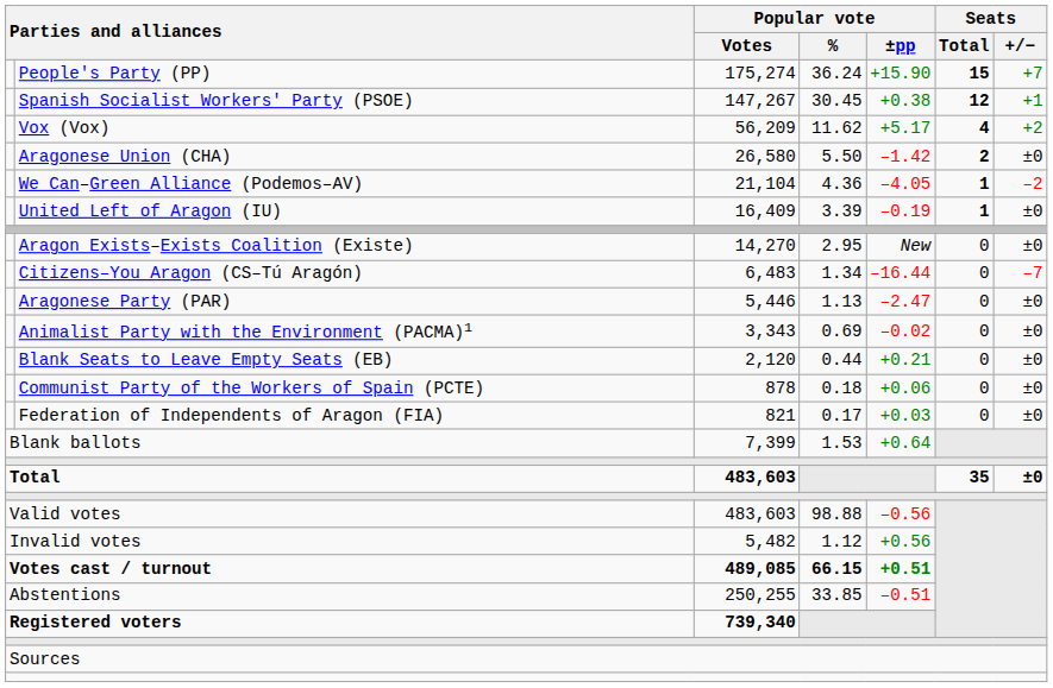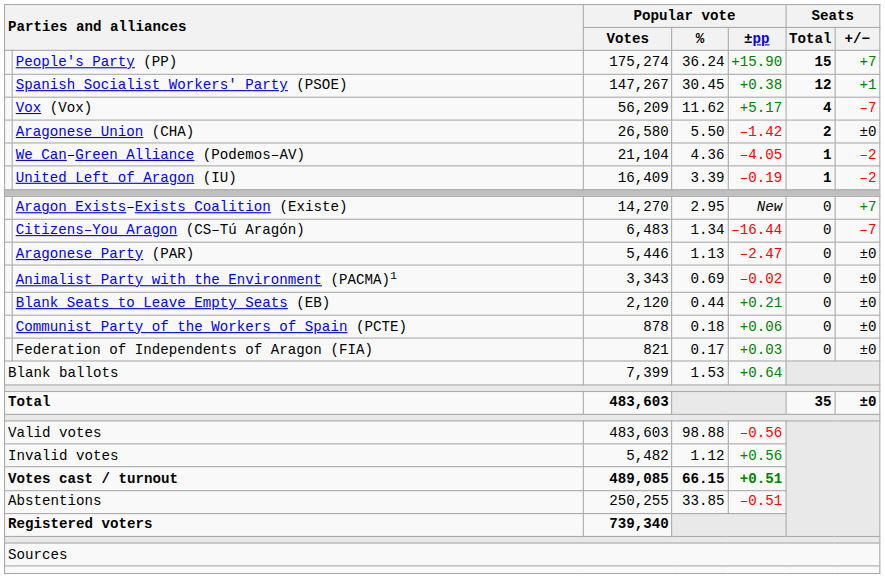 <table class="wikitable" style="text-align:right;">
 <tr>
 <th style="text-align:left;" rowspan="2" colspan="2" width="525">Parties and alliances</th>
 <th colspan="3">Popular vote</th>
 <th colspan="2">Seats</th>
 </tr>
 <tr>
 <th width="75">Votes</th>
 <th width="45">%</th>
 <th width="45">±<a href='#'>pp</a></th>
 <th width="35">Total</th>
 <th width="35">+/−</th>
 </tr>
 <tr>
 <td width="1" style="color:inherit;background:"></td>
 <td align="left"><a href='#'>People's Party</a> (PP)</td>
 <td>175,274</td>
 <td>36.24</td>
 <td style="color:green;">+15.90</td>
 <td><strong>15</strong></td>
 <td style="color:green;">+7</td>
 </tr>
 <tr>
 <td style="color:inherit;background:"></td>
 <td align="left"><a href='#'>Spanish Socialist Workers' Party</a> (PSOE)</td>
 <td>147,267</td>
 <td>30.45</td>
 <td style="color:green;">+0.38</td>
 <td><strong>12</strong></td>
 <td style="color:green;">+1</td>
 </tr>
 <tr>
 <td style="color:inherit;background:"></td>
 <td align="left"><a href='#'>Vox</a> (Vox)</td>
 <td>56,209</td>
 <td>11.62</td>
 <td style="color:green;">+5.17</td>
 <td><strong>4</strong></td>
-<td style="color:green;">+2</td>
+<td style="color:red;">–7</td>
 </tr>
 <tr>
 <td style="color:inherit;background:"></td>
 <td align="left"><a href='#'>Aragonese Union</a> (CHA)</td>
 <td>26,580</td>
 <td>5.50</td>
 <td style="color:red;">–1.42</td>
 <td><strong>2</strong></td>
 <td>±0</td>
 </tr>
 <tr>
 <td style="color:inherit;background:"></td>
 <td align="left"><a href='#'>We Can</a>–<a href='#'>Green Alliance</a> (Podemos–AV)</td>
 <td>21,104</td>
 <td>4.36</td>
 <td style="color:red;">–4.05</td>
 <td><strong>1</strong></td>
 <td style="color:red;">–2</td>
 </tr>
 <tr>
 <td style="color:inherit;background:"></td>
 <td align="left"><a href='#'>United Left of Aragon</a> (IU)</td>
 <td>16,409</td>
 <td>3.39</td>
 <td style="color:red;">–0.19</td>
 <td><strong>1</strong></td>
-<td>±0</td>
+<td style="color:red;">–2</td>
 </tr>
 <tr>
 <td colspan="7" bgcolor="#C0C0C0"></td>
 </tr>
 <tr>
 <td style="color:inherit;background:"></td>
 <td align="left"><a href='#'>Aragon Exists</a>–<a href='#'>Exists Coalition</a> (Existe)</td>
 <td>14,270</td>
 <td>2.95</td>
 <td><em>New</em></td>
 <td>0</td>
-<td>±0</td>
+<td style="color:green;">+7</td>
 </tr>
 <tr>
 <td style="color:inherit;background:"></td>
 <td align="left"><a href='#'>Citizens–You Aragon</a> (CS–Tú Aragón)</td>
 <td>6,483</td>
 <td>1.34</td>
 <td style="color:red;">–16.44</td>
 <td>0</td>
 <td style="color:red;">–7</td>
 </tr>
 <tr>
 <td style="color:inherit;background:"></td>
 <td align="left"><a href='#'>Aragonese Party</a> (PAR)</td>
 <td>5,446</td>
 <td>1.13</td>
 <td style="color:red;">–2.47</td>
 <td>0</td>
 <td>±0</td>
 </tr>
 <tr>
 <td style="color:inherit;background:"></td>
 <td align="left"><a href='#'>Animalist Party with the Environment</a> (PACMA)<sup>1</sup></td>
 <td>3,343</td>
 <td>0.69</td>
 <td style="color:red;">–0.02</td>
 <td>0</td>
 <td>±0</td>
 </tr>
 <tr>
 <td style="color:inherit;background:"></td>
 <td align="left"><a href='#'>Blank Seats to Leave Empty Seats</a> (EB)</td>
 <td>2,120</td>
 <td>0.44</td>
 <td style="color:green;">+0.21</td>
 <td>0</td>
 <td>±0</td>
 </tr>
 <tr>
 <td style="color:inherit;background:"></td>
 <td align="left"><a href='#'>Communist Party of the Workers of Spain</a> (PCTE)</td>
 <td>878</td>
 <td>0.18</td>
 <td style="color:green;">+0.06</td>
 <td>0</td>
 <td>±0</td>
 </tr>
 <tr>
 <td style="color:inherit;background:"></td>
 <td align="left">Federation of Independents of Aragon (FIA)</td>
 <td>821</td>
 <td>0.17</td>
 <td style="color:green;">+0.03</td>
 <td>0</td>
 <td>±0</td>
 </tr>
 <tr>
 <td align="left" colspan="2">Blank ballots</td>
 <td>7,399</td>
 <td>1.53</td>
 <td style="color:green;">+0.64</td>
 <td bgcolor="#E9E9E9" colspan="2"></td>
 </tr>
 <tr>
 <td colspan="7" bgcolor="#E9E9E9"></td>
 </tr>
 <tr style="font-weight:bold;">
 <td align="left" colspan="2">Total</td>
 <td>483,603</td>
 <td bgcolor="#E9E9E9" colspan="2"></td>
 <td>35</td>
 <td>±0</td>
 </tr>
 <tr>
 <td colspan="7" bgcolor="#E9E9E9"></td>
 </tr>
 <tr>
 <td align="left" colspan="2">Valid votes</td>
 <td>483,603</td>
 <td>98.88</td>
 <td style="color:red;">–0.56</td>
 <td bgcolor="#E9E9E9" colspan="2" rowspan="5"></td>
 </tr>
 <tr>
 <td align="left" colspan="2">Invalid votes</td>
 <td>5,482</td>
 <td>1.12</td>
 <td style="color:green;">+0.56</td>
 </tr>
 <tr style="font-weight:bold;">
 <td align="left" colspan="2">Votes cast / turnout</td>
 <td>489,085</td>
 <td>66.15</td>
 <td style="color:green;">+0.51</td>
 </tr>
 <tr>
 <td align="left" colspan="2">Abstentions</td>
 <td>250,255</td>
 <td>33.85</td>
 <td style="color:red;">–0.51</td>
 </tr>
 <tr style="font-weight:bold;">
 <td align="left" colspan="2">Registered voters</td>
 <td>739,340</td>
 <td bgcolor="#E9E9E9" colspan="2"></td>
 </tr>
 <tr>
 <td colspan="7" bgcolor="#E9E9E9"></td>
 </tr>
 <tr>
 <td align="left" colspan="7">Sources</td>
 </tr>
 <tr>
 <td colspan="7" style="text-align:left; max-width:790px;"></td>
 </tr>
 </table>
